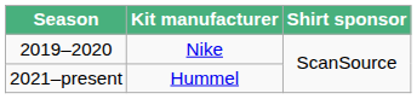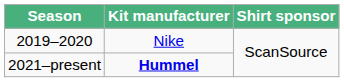 <table class="wikitable" style="text-align: center">
 <tr>
 <th style="background:#48B07D; color:#FFFFFF;">Season</th>
 <th style="background:#48B07D; color:#FFFFFF;">Kit manufacturer</th>
 <th style="background:#48B07D; color:#FFFFFF;">Shirt sponsor</th>
 </tr>
 <tr>
 <td>2019–2020</td>
 <td><a href='#'>Nike</a></td>
 <td rowspan=2>ScanSource</td>
 </tr>
 <tr>
 <td>2021–present</td>
-<td><a href='#'>Hummel</a></td>
+<td><strong><a href='#'>Hummel</a></strong></td>
 </tr>
 </table>
